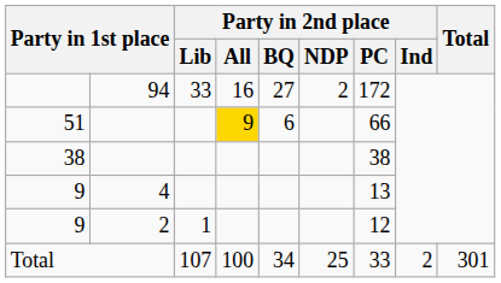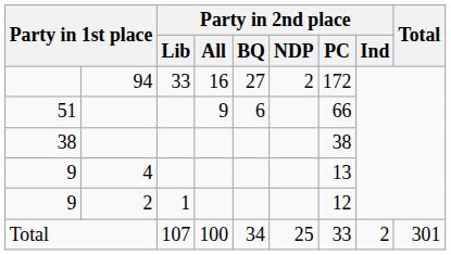 <table class="wikitable" style="text-align:right;">
 <tr>
 <th rowspan="2" colspan="2" style="text-align:left;">Party in 1st place</th>
 <th colspan="6">Party in 2nd place</th>
 <th rowspan="2">Total</th>
 </tr>
 <tr>
 <th>Lib</th>
 <th>All</th>
 <th>BQ</th>
 <th>NDP</th>
 <th>PC</th>
 <th>Ind</th>
 </tr>
 <tr>
 <td></td>
 <td>94</td>
 <td>33</td>
 <td>16</td>
 <td>27</td>
 <td>2</td>
 <td>172</td>
 </tr>
 <tr>
 <td>51</td>
 <td></td>
 <td></td>
-<td style="background: gold;">9</td>
+<td>9</td>
 <td>6</td>
 <td></td>
 <td>66</td>
 </tr>
 <tr>
 <td>38</td>
 <td></td>
 <td></td>
 <td></td>
 <td></td>
 <td></td>
 <td>38</td>
 </tr>
 <tr>
 <td>9</td>
 <td>4</td>
 <td></td>
 <td></td>
 <td></td>
 <td></td>
 <td>13</td>
 </tr>
 <tr>
 <td>9</td>
 <td>2</td>
 <td>1</td>
 <td></td>
 <td></td>
 <td></td>
 <td>12</td>
 </tr>
 <tr>
 <td colspan="2" style="text-align:left;">Total</td>
 <td>107</td>
 <td>100</td>
 <td>34</td>
 <td>25</td>
 <td>33</td>
 <td>2</td>
 <td>301</td>
 </tr>
 </table>
